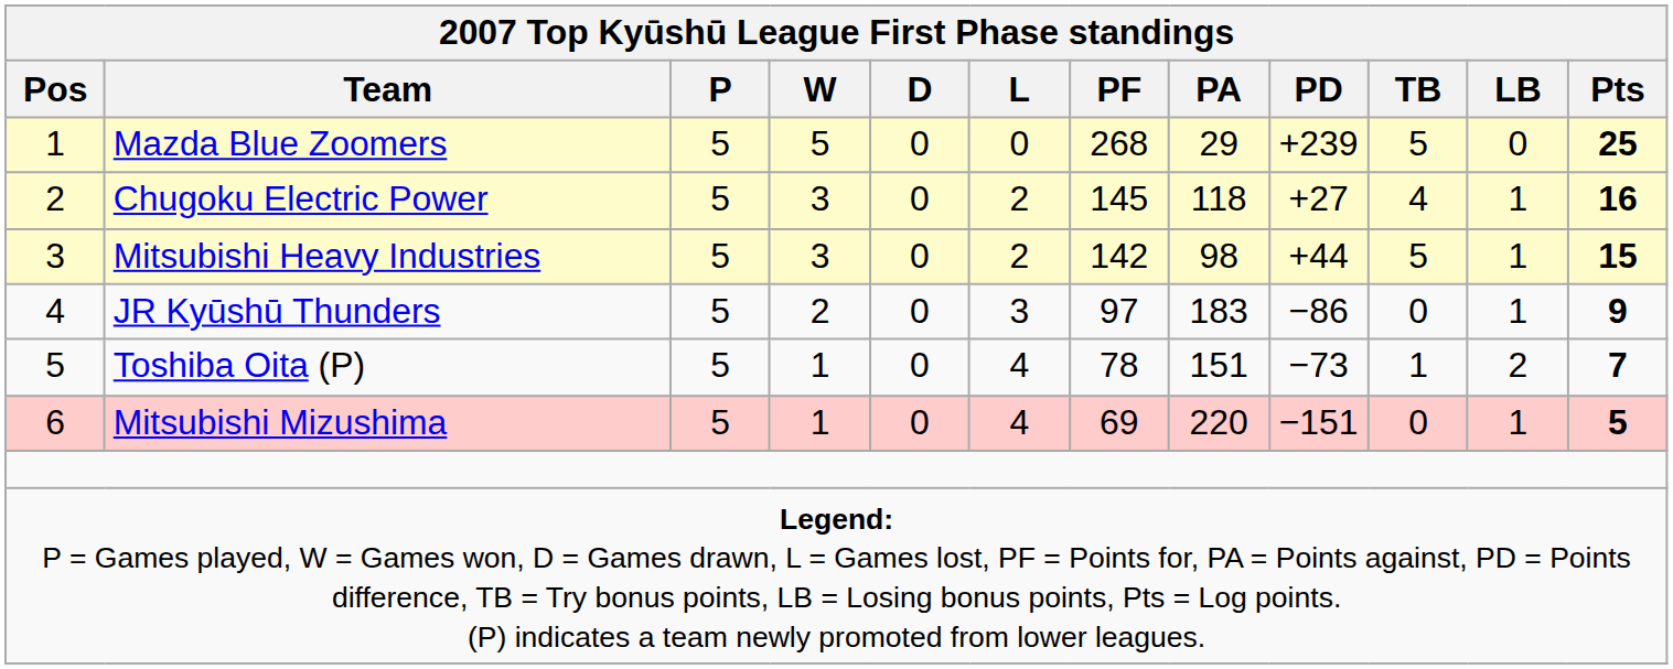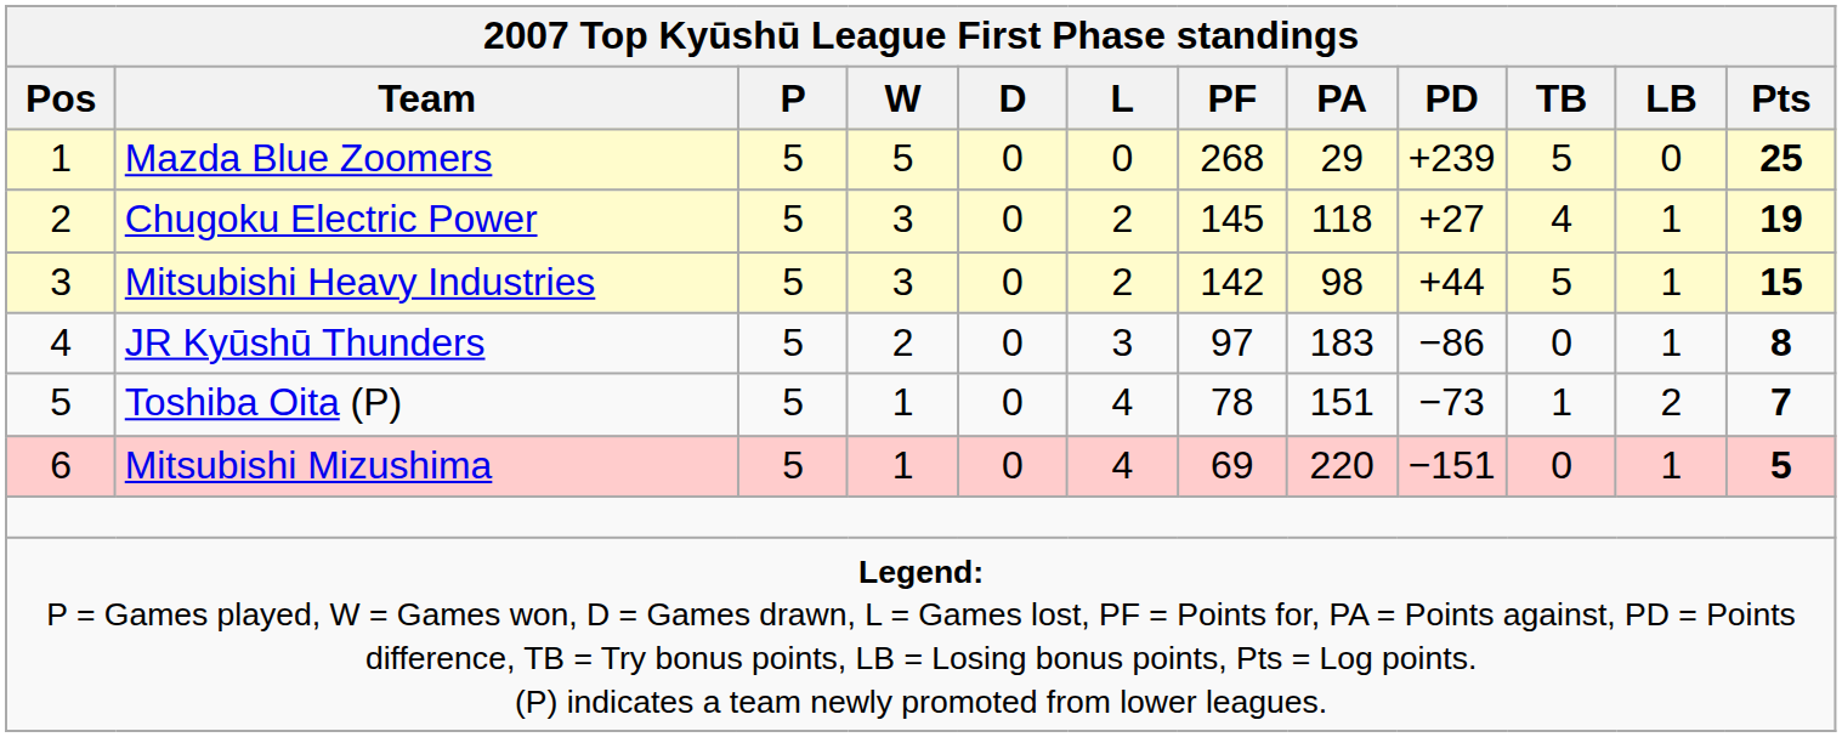 <table class="wikitable" style="text-align:center; font-size:100%; width:60%;">
 <tr>
 <th colspan="100%" cellpadding="0" cellspacing="0"><strong>2007 Top Kyūshū League First Phase standings</strong></th>
 </tr>
 <tr>
 <th style="width:6%;">Pos</th>
 <th style="width:34%;">Team</th>
 <th style="width:6%;">P</th>
 <th style="width:6%;">W</th>
 <th style="width:6%;">D</th>
 <th style="width:6%;">L</th>
 <th style="width:6%;">PF</th>
 <th style="width:6%;">PA</th>
 <th style="width:6%;">PD</th>
 <th style="width:6%;">TB</th>
 <th style="width:6%;">LB</th>
 <th style="width:6%;">Pts<br></th>
 </tr>
 <tr style="background:#FFFCCC;">
 <td>1</td>
 <td style="text-align:left;"><a href='#'>Mazda Blue Zoomers</a></td>
 <td>5</td>
 <td>5</td>
 <td>0</td>
 <td>0</td>
 <td>268</td>
 <td>29</td>
 <td>+239</td>
 <td>5</td>
 <td>0</td>
 <td><strong>25</strong></td>
 </tr>
 <tr style="background:#FFFCCC;">
 <td>2</td>
 <td style="text-align:left;"><a href='#'>Chugoku Electric Power</a></td>
 <td>5</td>
 <td>3</td>
 <td>0</td>
 <td>2</td>
 <td>145</td>
 <td>118</td>
 <td>+27</td>
 <td>4</td>
 <td>1</td>
-<td><strong>16</strong></td>
+<td><strong>19</strong></td>
 </tr>
 <tr style="background:#FFFCCC;">
 <td>3</td>
 <td style="text-align:left;"><a href='#'>Mitsubishi Heavy Industries</a></td>
 <td>5</td>
 <td>3</td>
 <td>0</td>
 <td>2</td>
 <td>142</td>
 <td>98</td>
 <td>+44</td>
 <td>5</td>
 <td>1</td>
 <td><strong>15</strong></td>
 </tr>
 <tr>
 <td>4</td>
 <td style="text-align:left;"><a href='#'>JR Kyūshū Thunders</a></td>
 <td>5</td>
 <td>2</td>
 <td>0</td>
 <td>3</td>
 <td>97</td>
 <td>183</td>
 <td>−86</td>
 <td>0</td>
 <td>1</td>
-<td><strong>9</strong></td>
+<td><strong>8</strong></td>
 </tr>
 <tr>
 <td>5</td>
 <td style="text-align:left;"><a href='#'>Toshiba Oita</a> (P)</td>
 <td>5</td>
 <td>1</td>
 <td>0</td>
 <td>4</td>
 <td>78</td>
 <td>151</td>
 <td>−73</td>
 <td>1</td>
 <td>2</td>
 <td><strong>7</strong></td>
 </tr>
 <tr style="background:#FFCCCC;">
 <td>6</td>
 <td style="text-align:left;"><a href='#'>Mitsubishi Mizushima</a></td>
 <td>5</td>
 <td>1</td>
 <td>0</td>
 <td>4</td>
 <td>69</td>
 <td>220</td>
 <td>−151</td>
 <td>0</td>
 <td>1</td>
 <td><strong>5</strong></td>
 </tr>
 <tr>
 <td colspan="100%" style="height:10px;"></td>
 </tr>
 <tr>
 <td colspan="100%"><small><strong>Legend:</strong> <br> P = Games played, W = Games won, D = Games drawn, L = Games lost, PF = Points for, PA = Points against, PD = Points difference, TB = Try bonus points, LB = Losing bonus points, Pts = Log points. <br> (P) indicates a team newly promoted from lower leagues.</small></td>
 </tr>
 </table>
